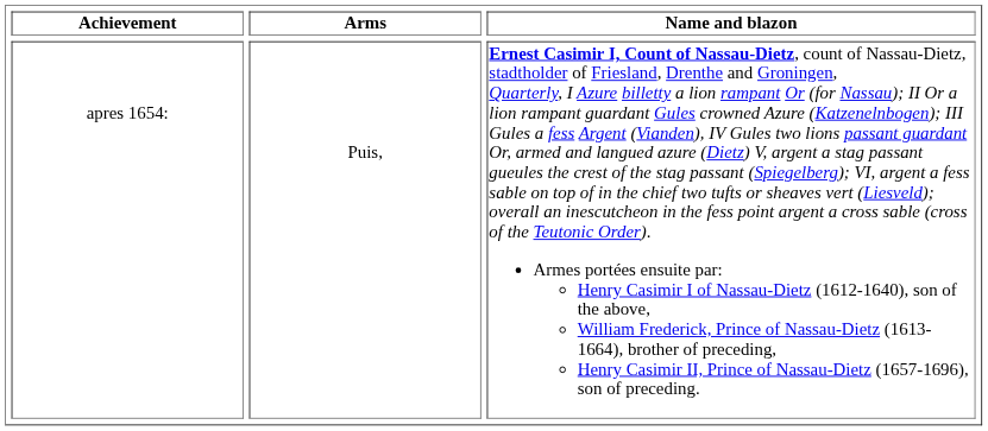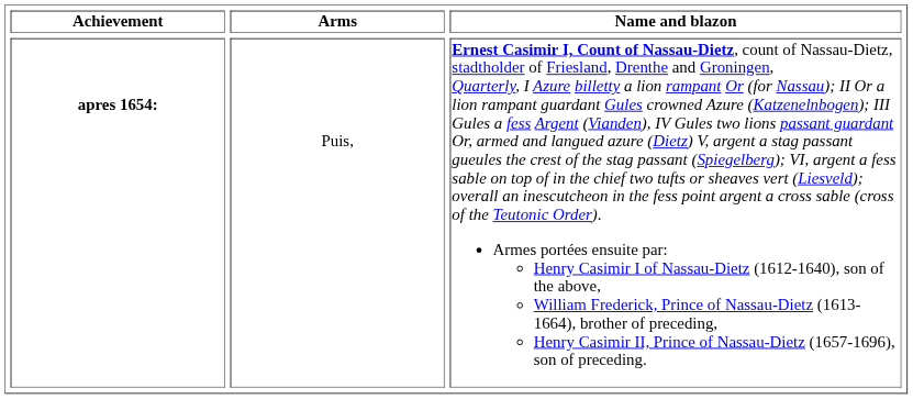 <table border=1 cellspacing=5 width="100%">
 <tr valign=top align=center>
 <td width="206"><strong>Achievement</strong></td>
 <td width="206"><strong>Arms</strong></td>
 <td><strong>Name and blazon</strong></td>
 </tr>
 <tr valign=top>
-<td align=center><br><br><br>apres 1654:<br></td>
+<td align=center><strong><br><br><br>apres 1654:<br></strong></td>
 <td align=center><br><br><br><br>  <br>Puis,<br></td>
 <td><strong><a href='#'>Ernest Casimir I, Count of Nassau-Dietz</a></strong>, count of Nassau-Dietz, <a href='#'>stadtholder</a> of <a href='#'>Friesland</a>, <a href='#'>Drenthe</a> and <a href='#'>Groningen</a>,<br><em><a href='#'>Quarterly</a>, I <a href='#'>Azure</a> <a href='#'>billetty</a> a lion <a href='#'>rampant</a> <a href='#'>Or</a> (for <a href='#'>Nassau</a>); II Or a lion rampant guardant <a href='#'>Gules</a> crowned Azure (<a href='#'>Katzenelnbogen</a>); III Gules a <a href='#'>fess</a> <a href='#'>Argent</a> (<a href='#'>Vianden</a>), IV Gules two lions <a href='#'>passant guardant</a> Or, armed and langued azure (<a href='#'>Dietz</a>) V, argent a stag passant gueules the crest of the stag passant (<a href='#'>Spiegelberg</a>); VI, argent a fess sable on top of in the chief two tufts or sheaves vert (<a href='#'>Liesveld</a>); overall an inescutcheon in the fess point argent a cross sable (cross of the <a href='#'>Teutonic Order</a>)</em>.<ul><li>Armes portées ensuite par:<ul><li><a href='#'>Henry Casimir I of Nassau-Dietz</a> (1612-1640), son of the above,</li><li><a href='#'>William Frederick, Prince of Nassau-Dietz</a> (1613-1664), brother of preceding,</li><li><a href='#'>Henry Casimir II, Prince of Nassau-Dietz</a> (1657-1696), son of preceding.</li></ul></li></ul></td>
 </tr>
 </table>
